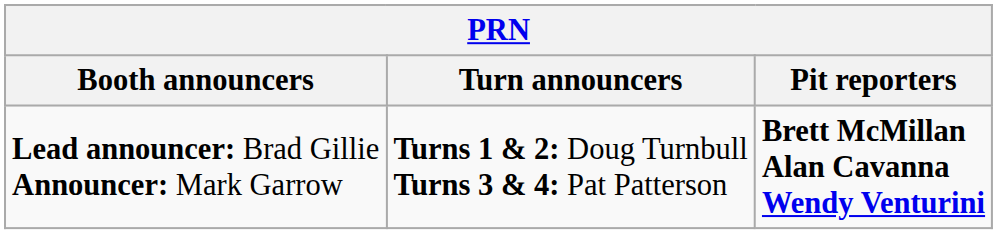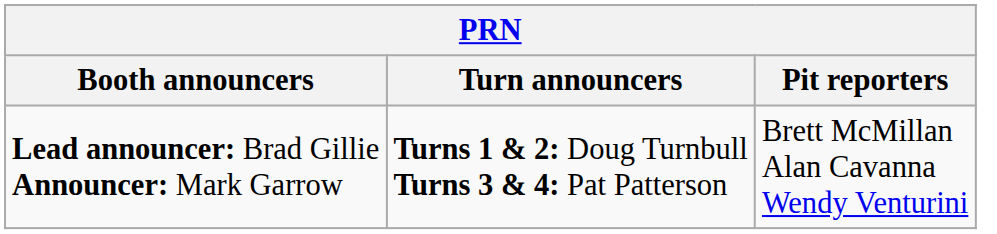 <table class="wikitable" style="font-size: 95%">
 <tr>
 <th colspan="3"><a href='#'>PRN</a></th>
 </tr>
 <tr>
 <th>Booth announcers</th>
 <th>Turn announcers</th>
 <th>Pit reporters</th>
 </tr>
 <tr>
 <td><strong>Lead announcer:</strong> Brad Gillie<br><strong>Announcer:</strong> Mark Garrow</td>
 <td><strong>Turns 1 & 2:</strong> Doug Turnbull<br><strong>Turns 3 & 4:</strong> Pat Patterson</td>
-<td><strong>Brett McMillan<br>Alan Cavanna<br><a href='#'>Wendy Venturini</a></strong></td>
+<td>Brett McMillan<br>Alan Cavanna<br><a href='#'>Wendy Venturini</a></td>
 </tr>
 </table>
